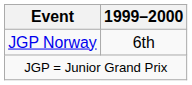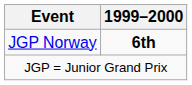 <table class="wikitable" style="text-align:center">
 <tr>
 <th>Event</th>
 <th>1999–2000</th>
 </tr>
 <tr>
 <td align=left><a href='#'>JGP Norway</a></td>
-<td>6th</td>
+<td><strong>6th</strong></td>
 </tr>
 <tr>
 <td colspan=2 align=center><small> JGP = Junior Grand Prix </small></td>
 </tr>
 </table>
